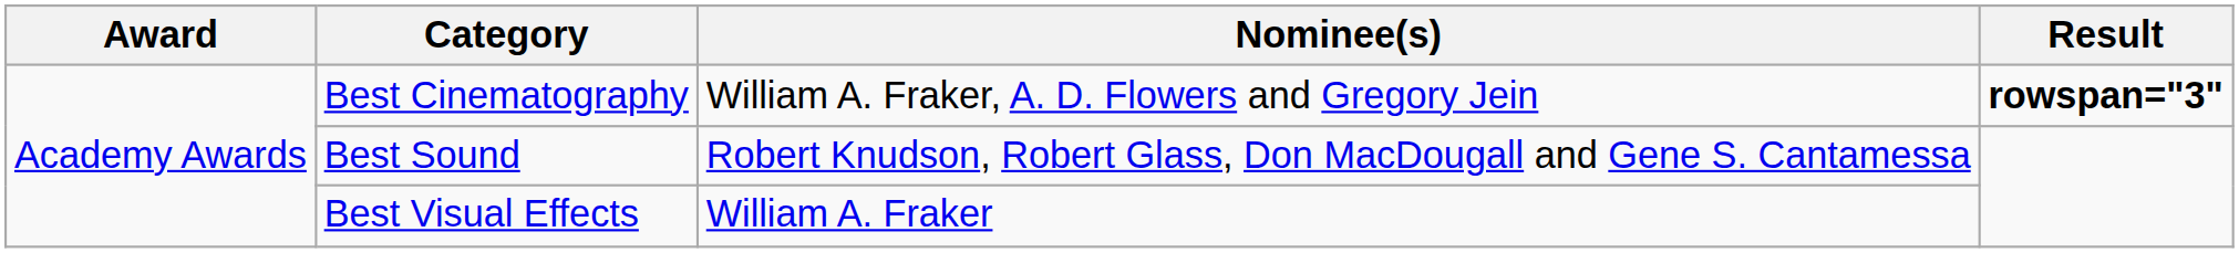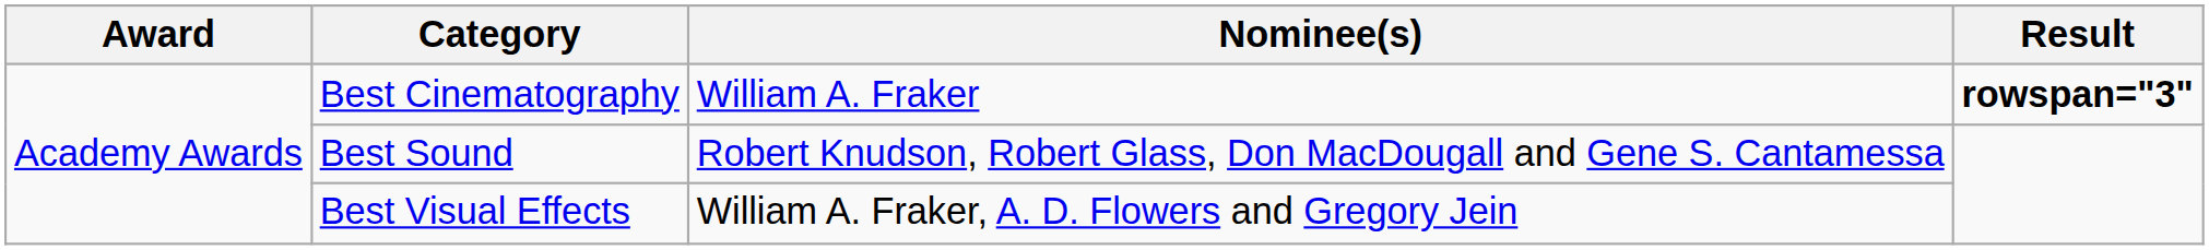 <table class="wikitable plainrowheaders">
 <tr>
 <th>Award</th>
 <th>Category</th>
 <th>Nominee(s)</th>
 <th>Result</th>
 </tr>
 <tr>
 <td rowspan="3"><a href='#'>Academy Awards</a></td>
 <td><a href='#'>Best Cinematography</a></td>
-<td>William A. Fraker, <a href='#'>A. D. Flowers</a> and <a href='#'>Gregory Jein</a></td>
+<td><a href='#'>William A. Fraker</a></td>
 <td><strong>rowspan="3" </strong></td>
 </tr>
 <tr>
 <td><a href='#'>Best Sound</a></td>
 <td><a href='#'>Robert Knudson</a>, <a href='#'>Robert Glass</a>, <a href='#'>Don MacDougall</a> and <a href='#'>Gene S. Cantamessa</a></td>
 </tr>
 <tr>
 <td><a href='#'>Best Visual Effects</a></td>
-<td><a href='#'>William A. Fraker</a></td>
+<td>William A. Fraker, <a href='#'>A. D. Flowers</a> and <a href='#'>Gregory Jein</a></td>
 </tr>
 </table>
